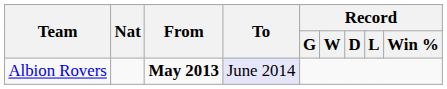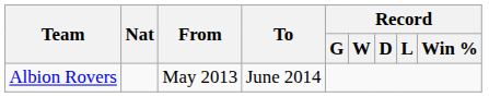 <table class="wikitable" style="text-align: center">
 <tr>
 <th rowspan="2">Team</th>
 <th rowspan="2">Nat</th>
 <th rowspan="2">From</th>
 <th rowspan="2">To</th>
 <th colspan="5">Record</th>
 </tr>
 <tr>
 <th>G</th>
 <th>W</th>
 <th>D</th>
 <th>L</th>
 <th>Win %</th>
 </tr>
 <tr>
 <td align=left><a href='#'>Albion Rovers</a></td>
 <td></td>
-<td align=left><strong>May 2013</strong></td>
-<td align=left style="background: lavender;">June 2014<br></td>
+<td align=left>May 2013</td>
+<td align=left>June 2014<br></td>
 </tr>
 </table>
